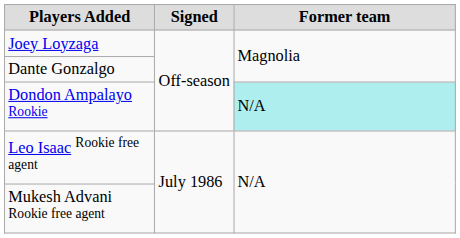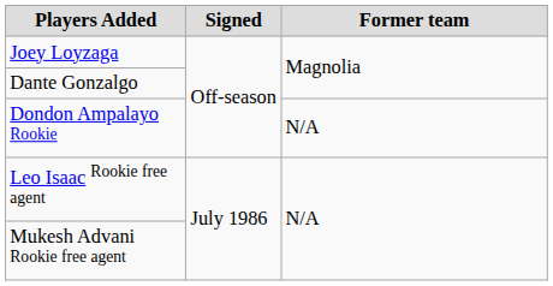 <table class="wikitable sortable sortable">
 <tr align="center" bgcolor="#dddddd">
 <td style="width:140px"><strong>Players Added</strong></td>
 <td style="width:70px"><strong>Signed</strong></td>
 <td style="width:210px"><strong>Former team</strong></td>
 </tr>
 <tr>
 <td><a href='#'>Joey Loyzaga</a></td>
 <td rowspan="3">Off-season</td>
 <td rowspan="2">Magnolia</td>
 </tr>
 <tr>
 <td>Dante Gonzalgo</td>
 </tr>
 <tr>
 <td><a href='#'>Dondon Ampalayo</a> <sup><a href='#'>Rookie</a></sup></td>
-<td style="background: paleturquoise;">N/A</td>
+<td>N/A</td>
 </tr>
 <tr>
 <td><a href='#'>Leo Isaac</a> <sup>Rookie free agent</sup></td>
 <td rowspan="2">July 1986</td>
 <td rowspan="2">N/A</td>
 </tr>
 <tr>
 <td>Mukesh Advani <sup>Rookie free agent</sup></td>
 </tr>
 </table>
